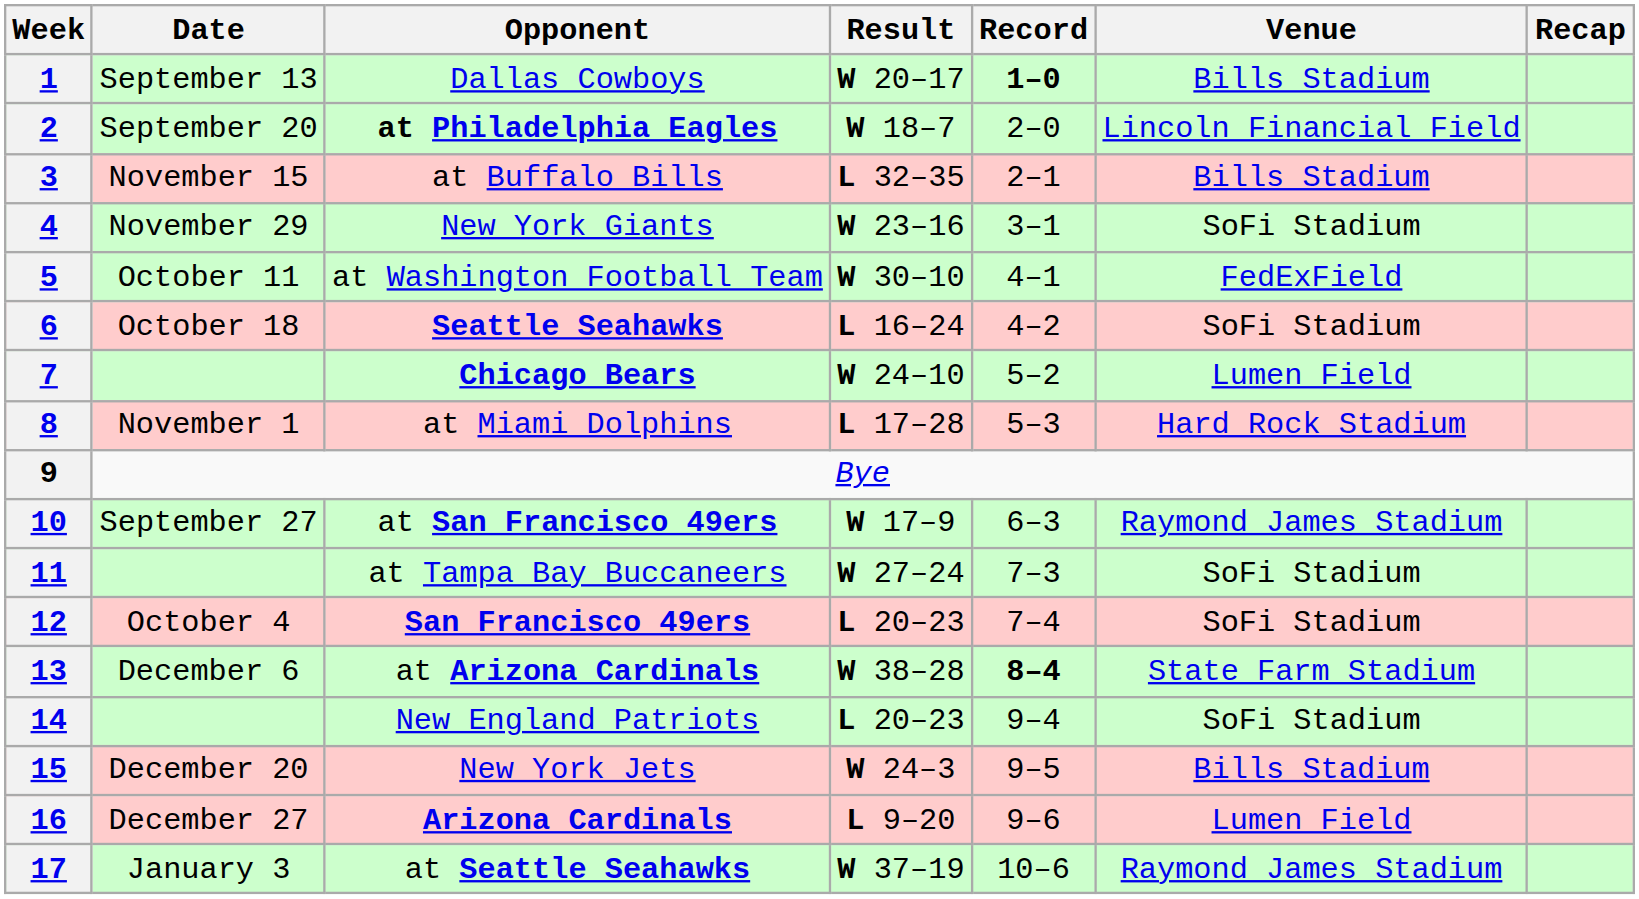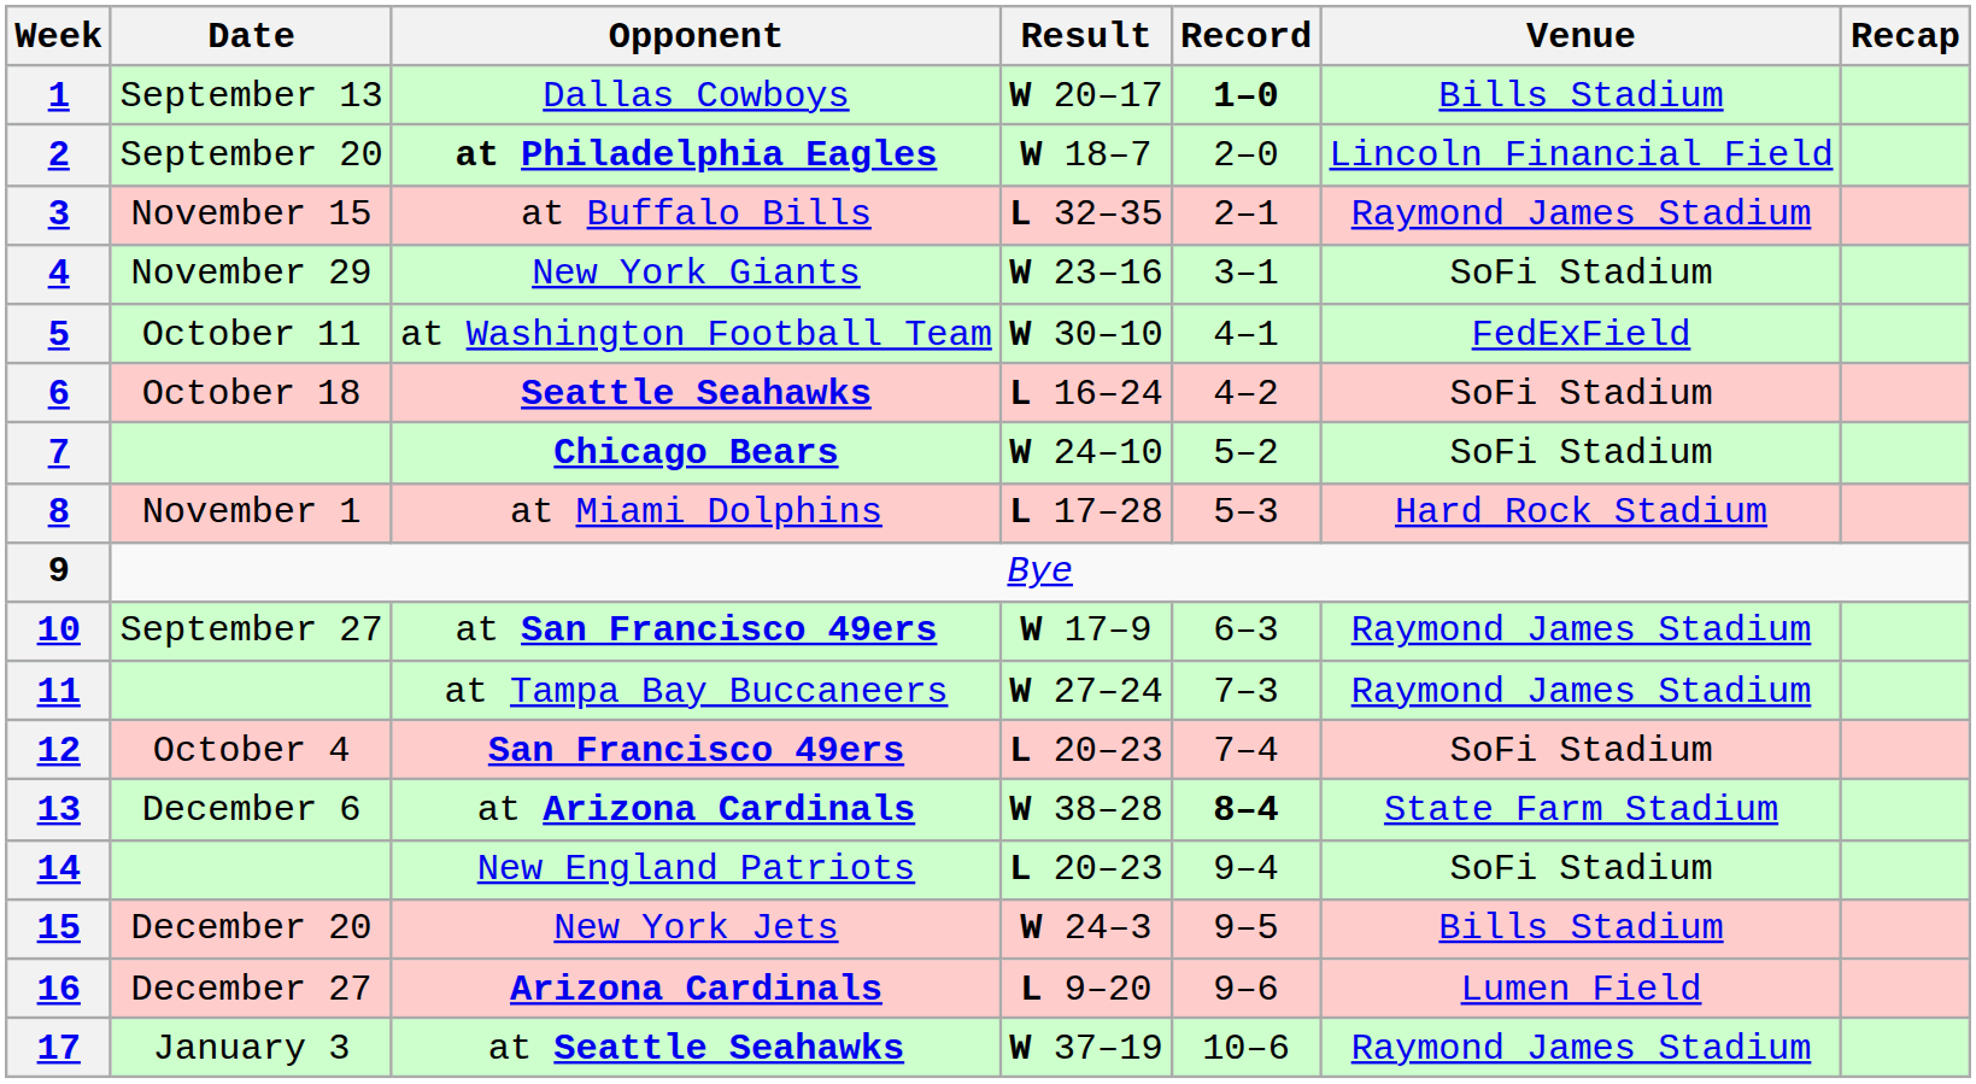 <table class="wikitable" style="text-align:center">
 <tr>
 <th>Week</th>
 <th>Date</th>
 <th>Opponent</th>
 <th>Result</th>
 <th>Record</th>
 <th>Venue</th>
 <th>Recap</th>
 </tr>
 <tr style="background:#cfc">
 <th><a href='#'>1</a></th>
 <td>September 13</td>
 <td><a href='#'>Dallas Cowboys</a></td>
 <td><strong>W</strong> 20–17</td>
 <td><strong>1–0</strong></td>
 <td><a href='#'>Bills Stadium</a></td>
 <td></td>
 </tr>
 <tr style="background:#cfc">
 <th><a href='#'>2</a></th>
 <td>September 20</td>
 <td><strong>at <a href='#'>Philadelphia Eagles</a></strong></td>
 <td><strong>W</strong> 18–7</td>
 <td>2–0</td>
 <td><a href='#'>Lincoln Financial Field</a></td>
 <td></td>
 </tr>
 <tr style="background:#fcc">
 <th><a href='#'>3</a></th>
 <td>November 15</td>
 <td>at <a href='#'>Buffalo Bills</a></td>
 <td><strong>L</strong> 32–35</td>
 <td>2–1</td>
-<td><a href='#'>Bills Stadium</a></td>
+<td><a href='#'>Raymond James Stadium</a></td>
 <td></td>
 </tr>
 <tr style="background:#cfc">
 <th><a href='#'>4</a></th>
 <td>November 29</td>
 <td><a href='#'>New York Giants</a></td>
 <td><strong>W</strong> 23–16</td>
 <td>3–1</td>
 <td>SoFi Stadium</td>
 <td></td>
 </tr>
 <tr style="background:#cfc">
 <th><a href='#'>5</a></th>
 <td>October 11</td>
 <td>at <a href='#'>Washington Football Team</a></td>
 <td><strong>W</strong> 30–10</td>
 <td>4–1</td>
 <td><a href='#'>FedExField</a></td>
 <td></td>
 </tr>
 <tr style="background:#fcc">
 <th><a href='#'>6</a></th>
 <td>October 18</td>
 <td><strong><a href='#'>Seattle Seahawks</a></strong></td>
 <td><strong>L</strong> 16–24</td>
 <td>4–2</td>
 <td>SoFi Stadium</td>
 <td></td>
 </tr>
 <tr style="background:#cfc">
 <th><a href='#'>7</a></th>
 <td></td>
 <td><strong><a href='#'>Chicago Bears</a></strong></td>
 <td><strong>W</strong> 24–10</td>
 <td>5–2</td>
-<td><a href='#'>Lumen Field</a></td>
+<td>SoFi Stadium</td>
 <td></td>
 </tr>
 <tr style="background:#fcc">
 <th><a href='#'>8</a></th>
 <td>November 1</td>
 <td>at <a href='#'>Miami Dolphins</a></td>
 <td><strong>L</strong> 17–28</td>
 <td>5–3</td>
 <td><a href='#'>Hard Rock Stadium</a></td>
 <td></td>
 </tr>
 <tr>
 <th>9</th>
 <td colspan="6"><em><a href='#'>Bye</a></em></td>
 </tr>
 <tr style="background:#cfc">
 <th><a href='#'>10</a></th>
 <td>September 27</td>
 <td>at <strong><a href='#'>San Francisco 49ers</a></strong></td>
 <td><strong>W</strong> 17–9</td>
 <td>6–3</td>
 <td><a href='#'>Raymond James Stadium</a></td>
 <td></td>
 </tr>
 <tr style="background:#cfc">
 <th><a href='#'>11</a></th>
 <td></td>
 <td>at <a href='#'>Tampa Bay Buccaneers</a></td>
 <td><strong>W</strong> 27–24</td>
 <td>7–3</td>
-<td>SoFi Stadium</td>
+<td><a href='#'>Raymond James Stadium</a></td>
 <td></td>
 </tr>
 <tr style="background:#fcc">
 <th><a href='#'>12</a></th>
 <td>October 4</td>
 <td><strong><a href='#'>San Francisco 49ers</a></strong></td>
 <td><strong>L</strong> 20–23</td>
 <td>7–4</td>
 <td>SoFi Stadium</td>
 <td></td>
 </tr>
 <tr style="background:#cfc">
 <th><a href='#'>13</a></th>
 <td>December 6</td>
 <td>at <strong><a href='#'>Arizona Cardinals</a></strong></td>
 <td><strong>W</strong> 38–28</td>
 <td><strong>8–4</strong></td>
 <td><a href='#'>State Farm Stadium</a></td>
 <td></td>
 </tr>
 <tr style="background:#cfc">
 <th><a href='#'>14</a></th>
 <td></td>
 <td><a href='#'>New England Patriots</a></td>
 <td><strong>L</strong> 20–23</td>
 <td>9–4</td>
 <td>SoFi Stadium</td>
 <td></td>
 </tr>
 <tr style="background:#fcc">
 <th><a href='#'>15</a></th>
 <td>December 20</td>
 <td><a href='#'>New York Jets</a></td>
 <td><strong>W</strong> 24–3</td>
 <td>9–5</td>
 <td><a href='#'>Bills Stadium</a></td>
 <td></td>
 </tr>
 <tr style="background:#fcc">
 <th><a href='#'>16</a></th>
 <td>December 27</td>
 <td><strong><a href='#'>Arizona Cardinals</a></strong></td>
 <td><strong>L</strong> 9–20</td>
 <td>9–6</td>
 <td><a href='#'>Lumen Field</a></td>
 <td></td>
 </tr>
 <tr style="background:#cfc">
 <th><a href='#'>17</a></th>
 <td>January 3</td>
 <td>at <strong><a href='#'>Seattle Seahawks</a></strong></td>
 <td><strong>W</strong> 37–19</td>
 <td>10–6</td>
 <td><a href='#'>Raymond James Stadium</a></td>
 <td></td>
 </tr>
 </table>
